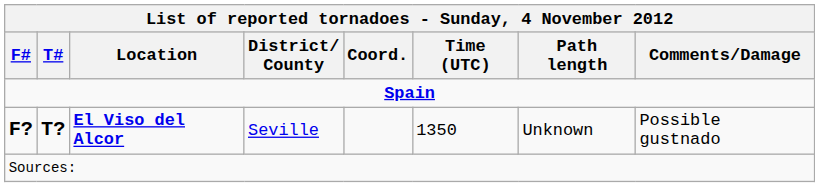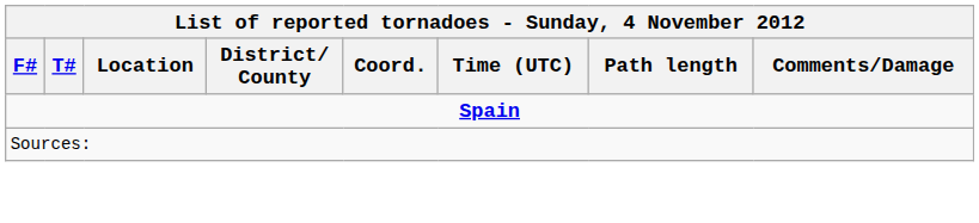 <table class="wikitable collapsible" width="100%">
 <tr>
 <th colspan="8">List of reported tornadoes - Sunday, 4 November 2012</th>
 </tr>
 <tr>
 <th><a href='#'>F#</a></th>
 <th><a href='#'>T#</a></th>
 <th>Location</th>
 <th>District/<br>County</th>
 <th>Coord.</th>
 <th>Time (UTC)</th>
 <th>Path length</th>
 <th>Comments/Damage</th>
 </tr>
 <tr>
 <td colspan="8" align=center><strong><a href='#'>Spain</a></strong></td>
 </tr>
 <tr>
-<td><big><strong>F?</strong></big></td>
-<td><big><strong>T?</strong></big></td>
-<td><strong><a href='#'>El Viso del Alcor</a></strong></td>
-<td><a href='#'>Seville</a></td>
-<td></td>
-<td>1350</td>
-<td>Unknown</td>
-<td>Possible gustnado</td>
-</tr>
-<tr>
 <td colspan="8"><small>Sources:  </small></td>
 </tr>
 </table>
